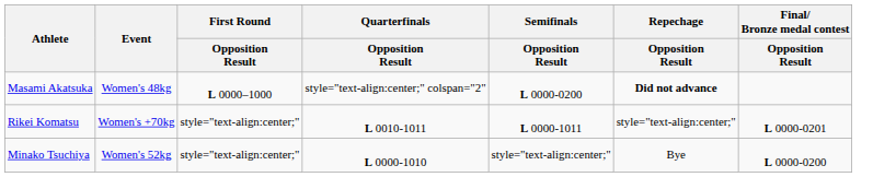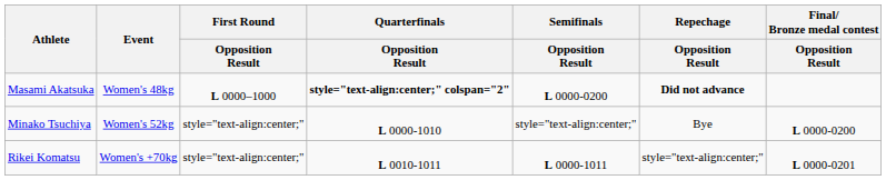 <table class=wikitable style="font-size:90%">
 <tr>
 <th rowspan="2">Athlete</th>
 <th rowspan="2">Event</th>
 <th>First Round</th>
 <th>Quarterfinals</th>
 <th>Semifinals</th>
 <th>Repechage</th>
 <th>Final/<br>Bronze medal contest</th>
 </tr>
 <tr>
 <th>Opposition<br>Result</th>
 <th>Opposition<br>Result</th>
 <th>Opposition<br>Result</th>
 <th>Opposition<br>Result</th>
 <th>Opposition<br>Result</th>
 </tr>
 <tr>
 <td><a href='#'>Masami Akatsuka</a></td>
 <td style="text-align:center;"><a href='#'>Women's 48kg</a></td>
 <td style="text-align:center;"><br> <strong>L</strong> 0000–1000</td>
-<td>style="text-align:center;" colspan="2" </td>
+<td><strong>style="text-align:center;" colspan="2" </strong></td>
 <td style="text-align:center;"><br> <strong>L</strong> 0000-0200</td>
 <td style="text-align:center;"><strong>Did not advance</strong></td>
+</tr>
+<tr>
+<td><a href='#'>Minako Tsuchiya</a></td>
+<td style="text-align:center;"><a href='#'>Women's 52kg</a></td>
+<td>style="text-align:center;" </td>
+<td style="text-align:center;"><br> <strong>L</strong> 0000-1010</td>
+<td>style="text-align:center;" </td>
+<td style="text-align:center;">Bye</td>
+<td style="text-align:center;"><br> <strong>L</strong> 0000-0200</td>
 </tr>
 <tr>
 <td><a href='#'>Rikei Komatsu</a></td>
 <td style="text-align:center;"><a href='#'>Women's +70kg</a></td>
 <td>style="text-align:center;" </td>
 <td style="text-align:center;"><br> <strong>L</strong> 0010-1011</td>
 <td style="text-align:center;"><br> <strong>L</strong> 0000-1011</td>
 <td>style="text-align:center;" </td>
 <td style="text-align:center;"><br> <strong>L</strong> 0000-0201</td>
 </tr>
-<tr>
-<td><a href='#'>Minako Tsuchiya</a></td>
-<td style="text-align:center;"><a href='#'>Women's 52kg</a></td>
-<td>style="text-align:center;" </td>
-<td style="text-align:center;"><br> <strong>L</strong> 0000-1010</td>
-<td>style="text-align:center;" </td>
-<td style="text-align:center;">Bye</td>
-<td style="text-align:center;"><br> <strong>L</strong> 0000-0200</td>
-</tr>
 </table>
